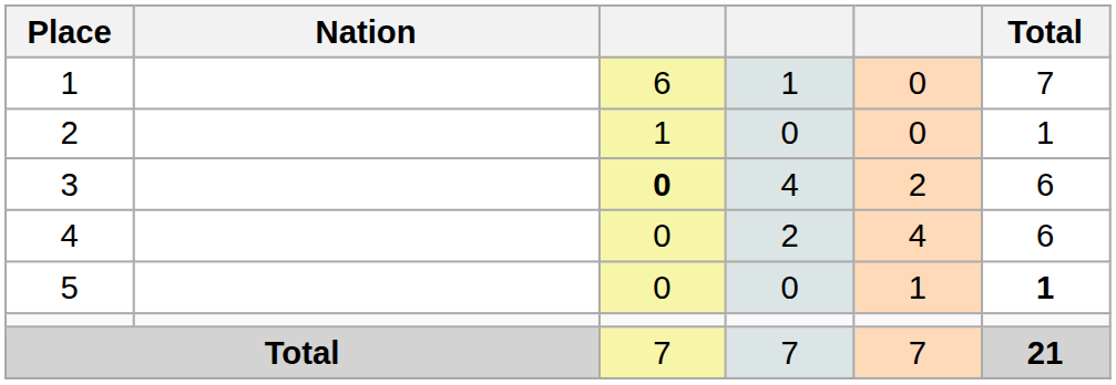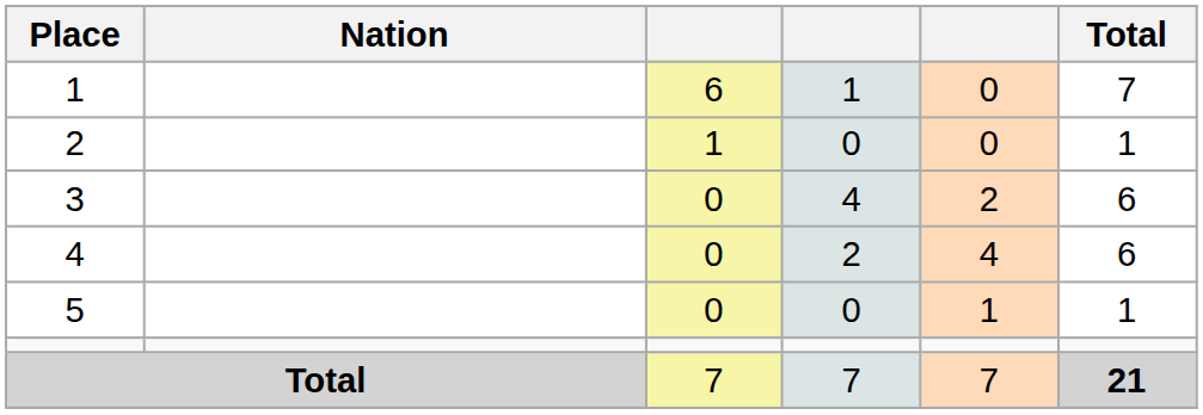 <table class=wikitable style="border:1px solid #AAAAAA;font-size:90%">
 <tr bgcolor="#EFEFEF">
 <th width=50>Place</th>
 <th width=200>Nation</th>
 <th width=50></th>
 <th width=50></th>
 <th width=50></th>
 <th width=50>Total</th>
 </tr>
 <tr align="center" valign="top" bgcolor="#FFFFFF">
 <td>1</td>
 <td align="left"></td>
 <td style="background:#F7F6A8;">6</td>
 <td style="background:#DCE5E5;">1</td>
 <td style="background:#FFDAB9;">0</td>
 <td>7</td>
 </tr>
 <tr align="center" valign="top" bgcolor="#FFFFFF">
 <td>2</td>
 <td align="left"></td>
 <td style="background:#F7F6A8;">1</td>
 <td style="background:#DCE5E5;">0</td>
 <td style="background:#FFDAB9;">0</td>
 <td>1</td>
 </tr>
 <tr align="center" valign="top" bgcolor="#FFFFFF">
 <td>3</td>
 <td align="left"></td>
-<td style="background:#F7F6A8;"><strong>0</strong></td>
+<td style="background:#F7F6A8;">0</td>
 <td style="background:#DCE5E5;">4</td>
 <td style="background:#FFDAB9;">2</td>
 <td>6</td>
 </tr>
 <tr align="center" valign="top" bgcolor="#FFFFFF">
 <td>4</td>
 <td align="left"></td>
 <td style="background:#F7F6A8;">0</td>
 <td style="background:#DCE5E5;">2</td>
 <td style="background:#FFDAB9;">4</td>
 <td>6</td>
 </tr>
 <tr align="center" valign="top" bgcolor="#FFFFFF">
 <td>5</td>
 <td align="left"></td>
 <td style="background:#F7F6A8;">0</td>
 <td style="background:#DCE5E5;">0</td>
 <td style="background:#FFDAB9;">1</td>
-<td><strong>1</strong></td>
+<td>1</td>
 </tr>
 <tr>
 <td></td>
 <td></td>
 <td></td>
 <td></td>
 <td></td>
 <td></td>
 </tr>
 <tr align=center>
 <td colspan="2" bgcolor=d3d3d3><strong>Total</strong></td>
 <td style="background:#F7F6A8;">7</td>
 <td style="background:#DCE5E5;">7</td>
 <td style="background:#FFDAB9;">7</td>
 <td bgcolor=d3d3d3><strong>21</strong></td>
 </tr>
 <tr>
 </tr>
 </table>
